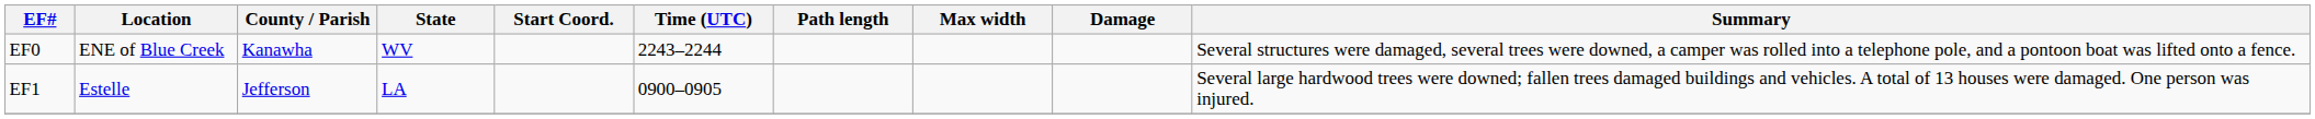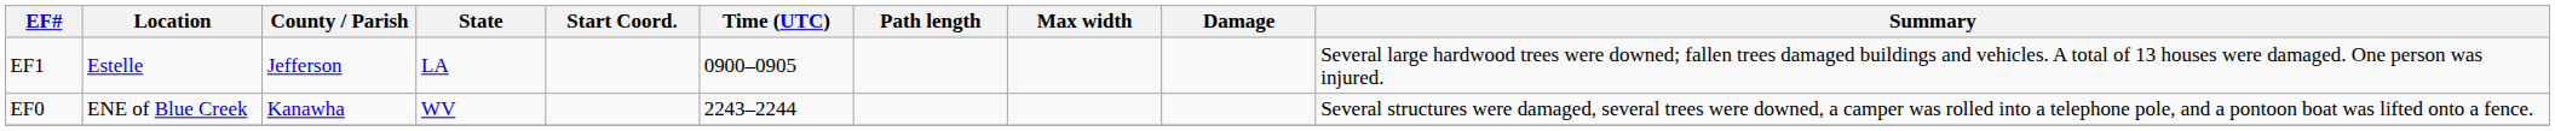 <table class="wikitable sortable" style="width:100%;">
 <tr>
 <th scope="col" width="3%" align="center"><a href='#'>EF#</a></th>
 <th scope="col" width="7%" align="center" class="unsortable">Location</th>
 <th scope="col" width="6%" align="center" class="unsortable">County / Parish</th>
 <th scope="col" width="5%" align="center">State</th>
 <th scope="col" width="6%" align="center">Start Coord.</th>
 <th scope="col" width="6%" align="center">Time (<a href='#'>UTC</a>)</th>
 <th scope="col" width="6%" align="center">Path length</th>
 <th scope="col" width="6%" align="center">Max width</th>
 <th scope="col" width="6%" align="center">Damage</th>
 <th scope="col" width="48%" class="unsortable" align="center">Summary</th>
 </tr>
 <tr>
+<td>EF1</td>
+<td><a href='#'>Estelle</a></td>
+<td><a href='#'>Jefferson</a></td>
+<td><a href='#'>LA</a></td>
+<td></td>
+<td>0900–0905</td>
+<td></td>
+<td></td>
+<td></td>
+<td>Several large hardwood trees were downed; fallen trees damaged buildings and vehicles. A total of 13 houses were damaged. One person was injured.</td>
+</tr>
+<tr>
 <td>EF0</td>
 <td>ENE of <a href='#'>Blue Creek</a></td>
 <td><a href='#'>Kanawha</a></td>
 <td><a href='#'>WV</a></td>
 <td></td>
 <td>2243–2244</td>
 <td></td>
 <td></td>
 <td></td>
 <td>Several structures were damaged, several trees were downed, a camper was rolled into a telephone pole, and a pontoon boat was lifted onto a fence.</td>
 </tr>
 <tr>
-<td>EF1</td>
-<td><a href='#'>Estelle</a></td>
-<td><a href='#'>Jefferson</a></td>
-<td><a href='#'>LA</a></td>
-<td></td>
-<td>0900–0905</td>
-<td></td>
-<td></td>
-<td></td>
-<td>Several large hardwood trees were downed; fallen trees damaged buildings and vehicles. A total of 13 houses were damaged. One person was injured.</td>
-</tr>
-<tr>
 </tr>
 </table>
